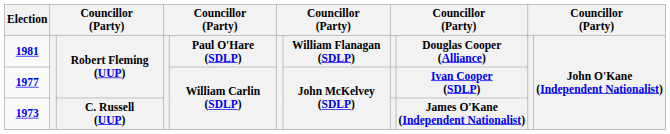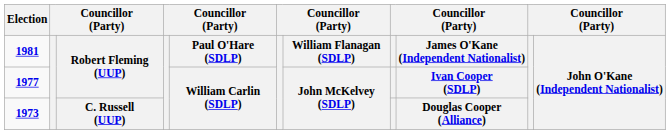 <table class="wikitable" style="text-align:center">
 <tr>
 <th scope="col" width="50">Election</th>
 <th scope="col" width="150" colspan = "2">Councillor<br> (Party)</th>
 <th scope="col" width="150" colspan = "2">Councillor<br> (Party)</th>
 <th scope="col" width="150" colspan = "2">Councillor<br> (Party)</th>
 <th scope="col" width="150" colspan = "2">Councillor<br> (Party)</th>
 <th scope="col" width="150" colspan = "2">Councillor<br> (Party)</th>
 </tr>
 <tr>
 <td><strong><a href='#'>1981</a></strong></td>
 <th rowspan="3" width="1" style="background-color: "></th>
 <th rowspan = "2">Robert Fleming <br> (<a href='#'>UUP</a>)</th>
 <th rowspan="3" width="1" style="background-color: "></th>
 <th rowspan = "1">Paul O'Hare <br> (<a href='#'>SDLP</a>)</th>
 <th rowspan="3" width="1" style="background-color: "></th>
 <th rowspan = "1">William Flanagan <br> (<a href='#'>SDLP</a>)</th>
 <th rowspan="1" width="1" style="background-color: "></th>
-<th rowspan = "1">Douglas Cooper <br> (<a href='#'>Alliance</a>)</th>
+<th rowspan = "1">James O'Kane <br> (<a href='#'>Independent Nationalist</a>)</th>
 <th rowspan="3" width="1" style="background-color: "></th>
 <th rowspan = "3">John O'Kane <br> (<a href='#'>Independent Nationalist</a>)</th>
 </tr>
 <tr>
 <td><strong><a href='#'>1977</a></strong></td>
 <th rowspan = "2">William Carlin <br> (<a href='#'>SDLP</a>)</th>
 <th rowspan = "2">John McKelvey <br> (<a href='#'>SDLP</a>)</th>
 <th rowspan="1" width="1" style="background-color: "></th>
 <th rowspan = "1"><a href='#'>Ivan Cooper</a> <br> (<a href='#'>SDLP</a>)</th>
 </tr>
 <tr>
 <td><strong><a href='#'>1973</a></strong></td>
 <th rowspan = "1">C. Russell <br> (<a href='#'>UUP</a>)</th>
 <th rowspan="1" width="1" style="background-color: "></th>
-<th rowspan = "1">James O'Kane <br> (<a href='#'>Independent Nationalist</a>)</th>
+<th rowspan = "1">Douglas Cooper <br> (<a href='#'>Alliance</a>)</th>
 </tr>
 </table>
